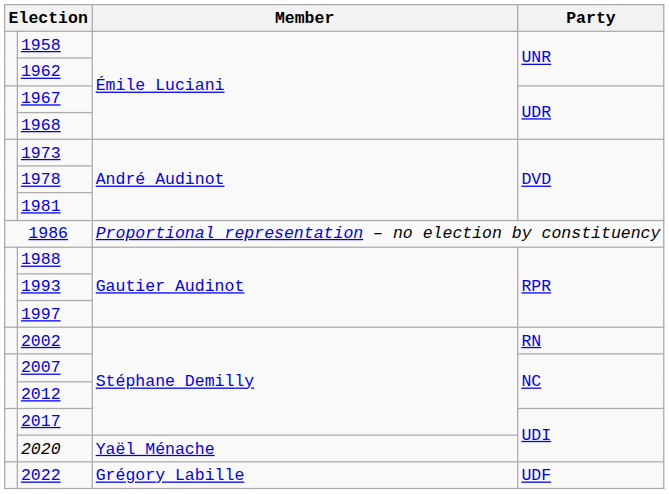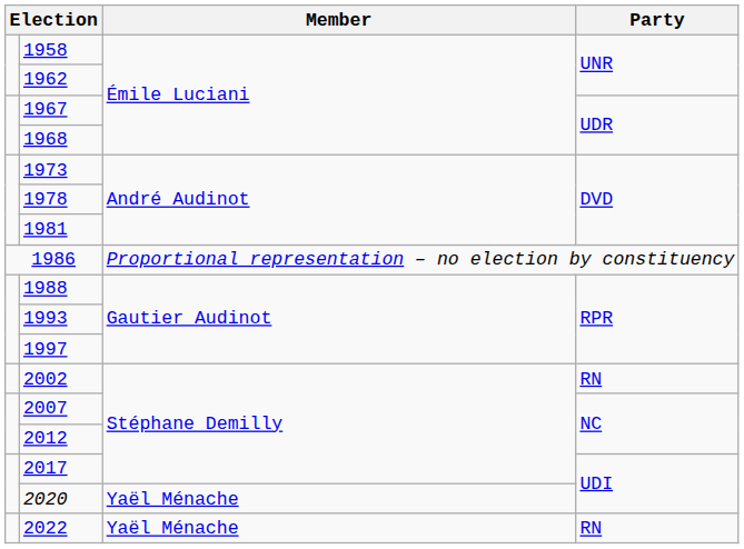 <table class="wikitable">
 <tr>
 <th colspan="2">Election</th>
 <th>Member</th>
 <th>Party</th>
 </tr>
 <tr>
 <td rowspan="2" style="background-color: "></td>
 <td><a href='#'>1958</a></td>
 <td rowspan="4"><a href='#'>Émile Luciani</a></td>
 <td rowspan="2"><a href='#'>UNR</a></td>
 </tr>
 <tr>
 <td><a href='#'>1962</a></td>
 </tr>
 <tr>
 <td rowspan="2" style="background-color: "></td>
 <td><a href='#'>1967</a></td>
 <td rowspan="2"><a href='#'>UDR</a></td>
 </tr>
 <tr>
 <td><a href='#'>1968</a></td>
 </tr>
 <tr>
 <td rowspan="3" style="background-color: "></td>
 <td><a href='#'>1973</a></td>
 <td rowspan="3"><a href='#'>André Audinot</a></td>
 <td rowspan="3"><a href='#'>DVD</a></td>
 </tr>
 <tr>
 <td><a href='#'>1978</a></td>
 </tr>
 <tr>
 <td><a href='#'>1981</a></td>
 </tr>
 <tr>
 <td colspan="2" align="center"><a href='#'>1986</a></td>
 <td colspan="2"><em><a href='#'>Proportional representation</a> – no election by constituency</em></td>
 </tr>
 <tr>
 <td rowspan="3" style="background-color: "></td>
 <td><a href='#'>1988</a></td>
 <td rowspan="3"><a href='#'>Gautier Audinot</a></td>
 <td rowspan="3"><a href='#'>RPR</a></td>
 </tr>
 <tr>
 <td><a href='#'>1993</a></td>
 </tr>
 <tr>
 <td><a href='#'>1997</a></td>
 </tr>
 <tr>
 <td style="background-color: "></td>
 <td><a href='#'>2002</a></td>
 <td rowspan="4"><a href='#'>Stéphane Demilly</a></td>
 <td><a href='#'>RN</a></td>
 </tr>
 <tr>
 <td rowspan="2" style="background-color: "></td>
 <td><a href='#'>2007</a></td>
 <td rowspan="2"><a href='#'>NC</a></td>
 </tr>
 <tr>
 <td><a href='#'>2012</a></td>
 </tr>
 <tr>
 <td rowspan="2" style="background-color: "></td>
 <td><a href='#'>2017</a></td>
 <td rowspan="2"><a href='#'>UDI</a></td>
 </tr>
 <tr>
 <td><em>2020</em></td>
 <td><a href='#'>Yaël Ménache</a></td>
 </tr>
 <tr>
 <td style="background-color: "></td>
 <td><a href='#'>2022</a></td>
-<td><a href='#'>Grégory Labille</a></td>
-<td><a href='#'>UDF</a></td>
+<td><a href='#'>Yaël Ménache</a></td>
+<td><a href='#'>RN</a></td>
 </tr>
 </table>
